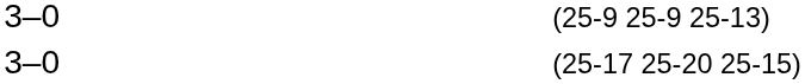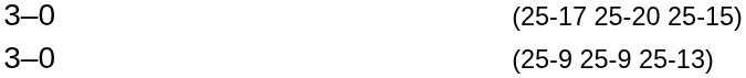 <table>
 <tr>
 <th width=200></th>
 <th width=80></th>
 <th width=200></th>
 <th width=220></th>
 </tr>
 <tr>
 <td align=right><strong></strong></td>
 <td align=center>3–0</td>
 <td></td>
-<td><small>(25-9 25-9 25-13)</small></td>
+<td><small>(25-17 25-20 25-15)</small></td>
 </tr>
 <tr>
 <td align=right><strong></strong></td>
 <td align=center>3–0</td>
 <td></td>
-<td><small>(25-17 25-20 25-15)</small></td>
+<td><small>(25-9 25-9 25-13)</small></td>
 </tr>
 </table>
